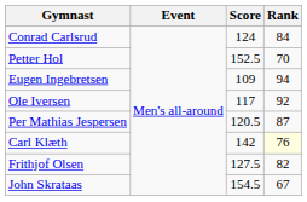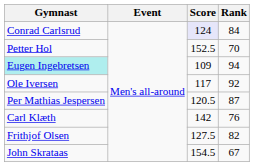 <table class=wikitable>
 <tr>
 <th>Gymnast</th>
 <th>Event</th>
 <th>Score</th>
 <th>Rank</th>
 </tr>
 <tr align=center>
 <td align=left><a href='#'>Conrad Carlsrud</a></td>
 <td rowspan=8 align=left><a href='#'>Men's all-around</a></td>
-<td>124</td>
+<td style="background: lavender;">124</td>
 <td>84</td>
 </tr>
 <tr align=center>
 <td align=left><a href='#'>Petter Hol</a></td>
 <td>152.5</td>
 <td>70</td>
 </tr>
 <tr align=center>
-<td align=left><a href='#'>Eugen Ingebretsen</a></td>
+<td align=left style="background: paleturquoise;"><a href='#'>Eugen Ingebretsen</a></td>
 <td>109</td>
 <td>94</td>
 </tr>
 <tr align=center>
 <td align=left><a href='#'>Ole Iversen</a></td>
 <td>117</td>
 <td>92</td>
 </tr>
 <tr align=center>
 <td align=left><a href='#'>Per Mathias Jespersen</a></td>
 <td>120.5</td>
 <td>87</td>
 </tr>
 <tr align=center>
 <td align=left><a href='#'>Carl Klæth</a></td>
 <td>142</td>
-<td style="background: lightyellow;">76</td>
+<td>76</td>
 </tr>
 <tr align=center>
 <td align=left><a href='#'>Frithjof Olsen</a></td>
 <td>127.5</td>
 <td>82</td>
 </tr>
 <tr align=center>
 <td align=left><a href='#'>John Skrataas</a></td>
 <td>154.5</td>
 <td>67</td>
 </tr>
 </table>
